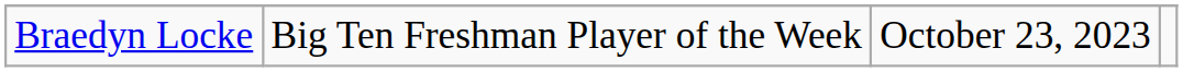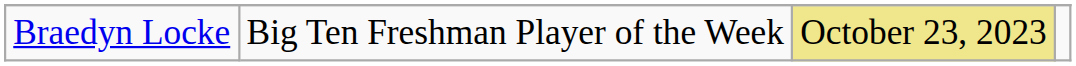 <table class="wikitable sortable sortable" style="text-align: center">
 <tr align=center>
 </tr>
 <tr>
 <td><a href='#'>Braedyn Locke</a></td>
 <td>Big Ten Freshman Player of the Week</td>
-<td>October 23, 2023</td>
+<td style="background: khaki;">October 23, 2023</td>
 <td></td>
 </tr>
 </table>
